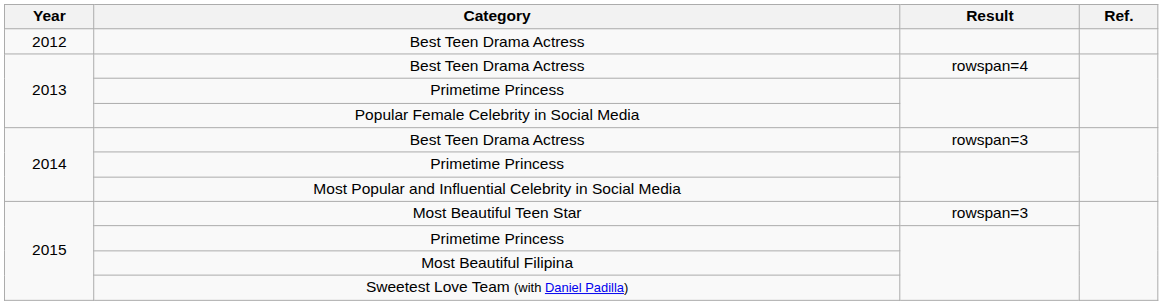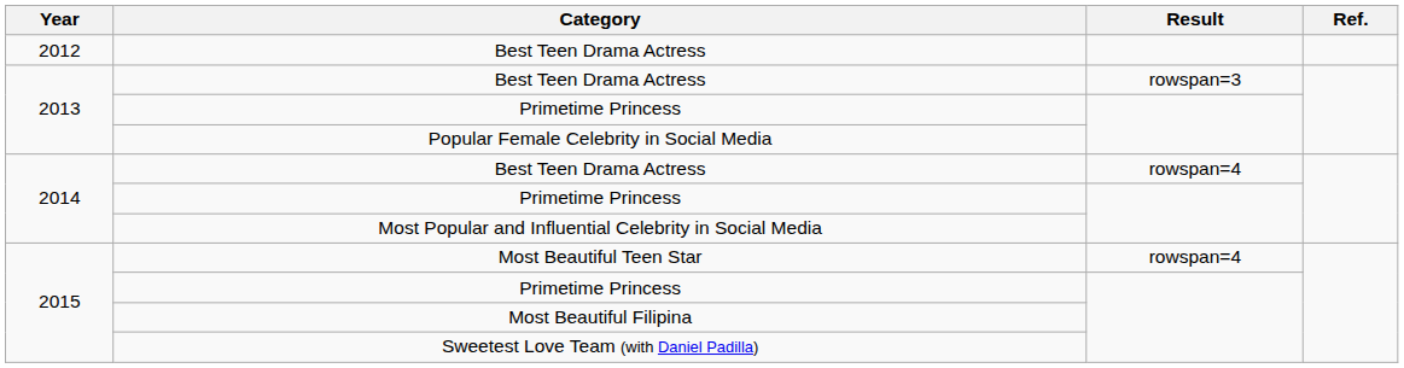 <table class="wikitable sortable"  style="text-align:center; width:60%;">
 <tr>
 <th>Year</th>
 <th>Category</th>
 <th>Result</th>
 <th>Ref.</th>
 </tr>
 <tr>
 <td>2012</td>
 <td>Best Teen Drama Actress</td>
 <td></td>
 <td></td>
 </tr>
 <tr>
 <td rowspan=3>2013</td>
 <td>Best Teen Drama Actress</td>
-<td>rowspan=4 </td>
+<td>rowspan=3 </td>
 <td rowspan=3></td>
 </tr>
 <tr>
 <td>Primetime Princess</td>
 </tr>
 <tr>
 <td>Popular Female Celebrity in Social Media</td>
 </tr>
 <tr>
 <td rowspan=3>2014</td>
 <td>Best Teen Drama Actress</td>
-<td>rowspan=3 </td>
+<td>rowspan=4 </td>
 <td rowspan=3></td>
 </tr>
 <tr>
 <td>Primetime Princess</td>
 </tr>
 <tr>
 <td>Most Popular and Influential Celebrity in Social Media</td>
 </tr>
 <tr>
 <td rowspan=4>2015</td>
 <td>Most Beautiful Teen Star</td>
-<td>rowspan=3 </td>
+<td>rowspan=4 </td>
 <td rowspan=4></td>
 </tr>
 <tr>
 <td>Primetime Princess</td>
 </tr>
 <tr>
 <td>Most Beautiful Filipina</td>
 </tr>
 <tr>
 <td>Sweetest Love Team <small>(with <a href='#'>Daniel Padilla</a>)</small></td>
 </tr>
 </table>
